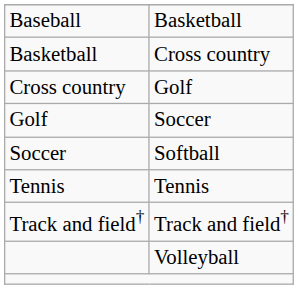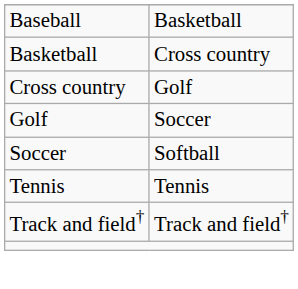 <table class="wikitable">
 <tr>
 </tr>
 <tr>
 <td>Baseball</td>
 <td>Basketball</td>
 </tr>
 <tr>
 <td>Basketball</td>
 <td>Cross country</td>
 </tr>
 <tr>
 <td>Cross country</td>
 <td>Golf</td>
 </tr>
 <tr>
 <td>Golf</td>
 <td>Soccer</td>
 </tr>
 <tr>
 <td>Soccer</td>
 <td>Softball</td>
 </tr>
 <tr>
 <td>Tennis</td>
 <td>Tennis</td>
 </tr>
 <tr>
 <td>Track and field<sup>†</sup></td>
 <td>Track and field<sup>†</sup></td>
 </tr>
 <tr>
-<td></td>
-<td>Volleyball</td>
-</tr>
-<tr>
 <td colspan="2"></td>
 </tr>
 </table>
